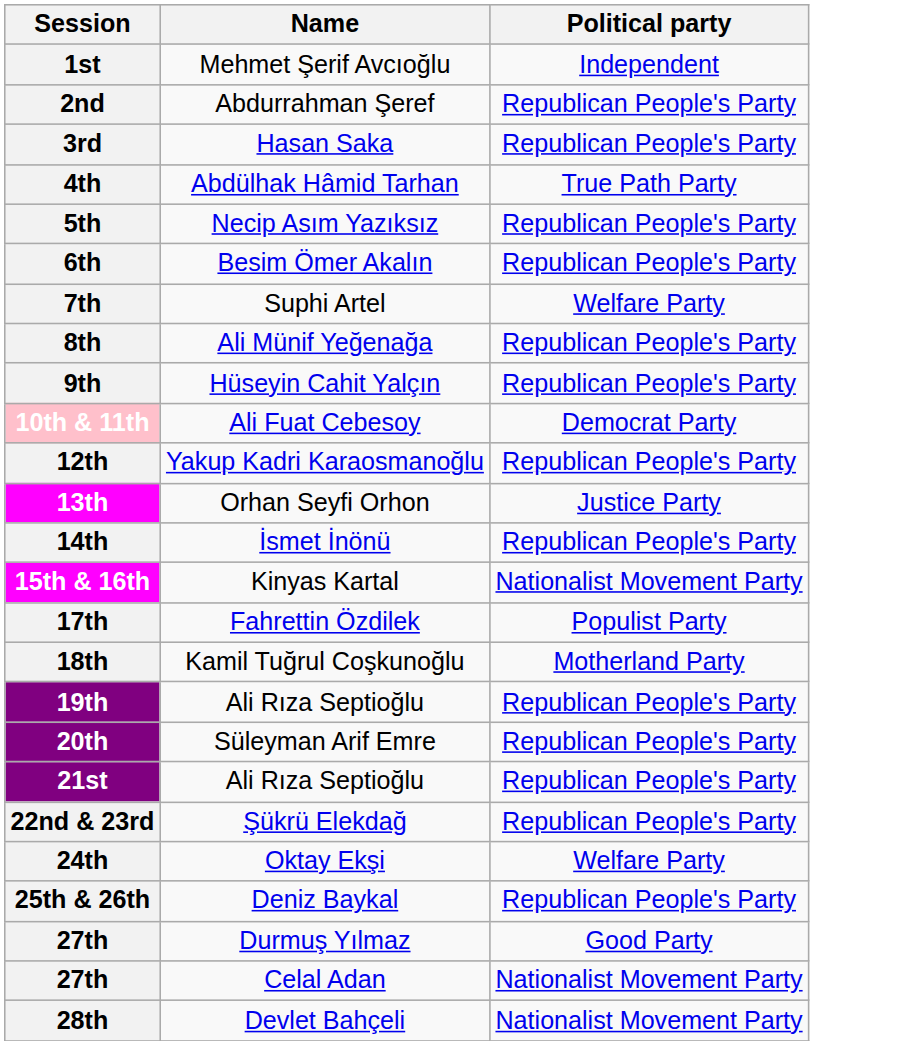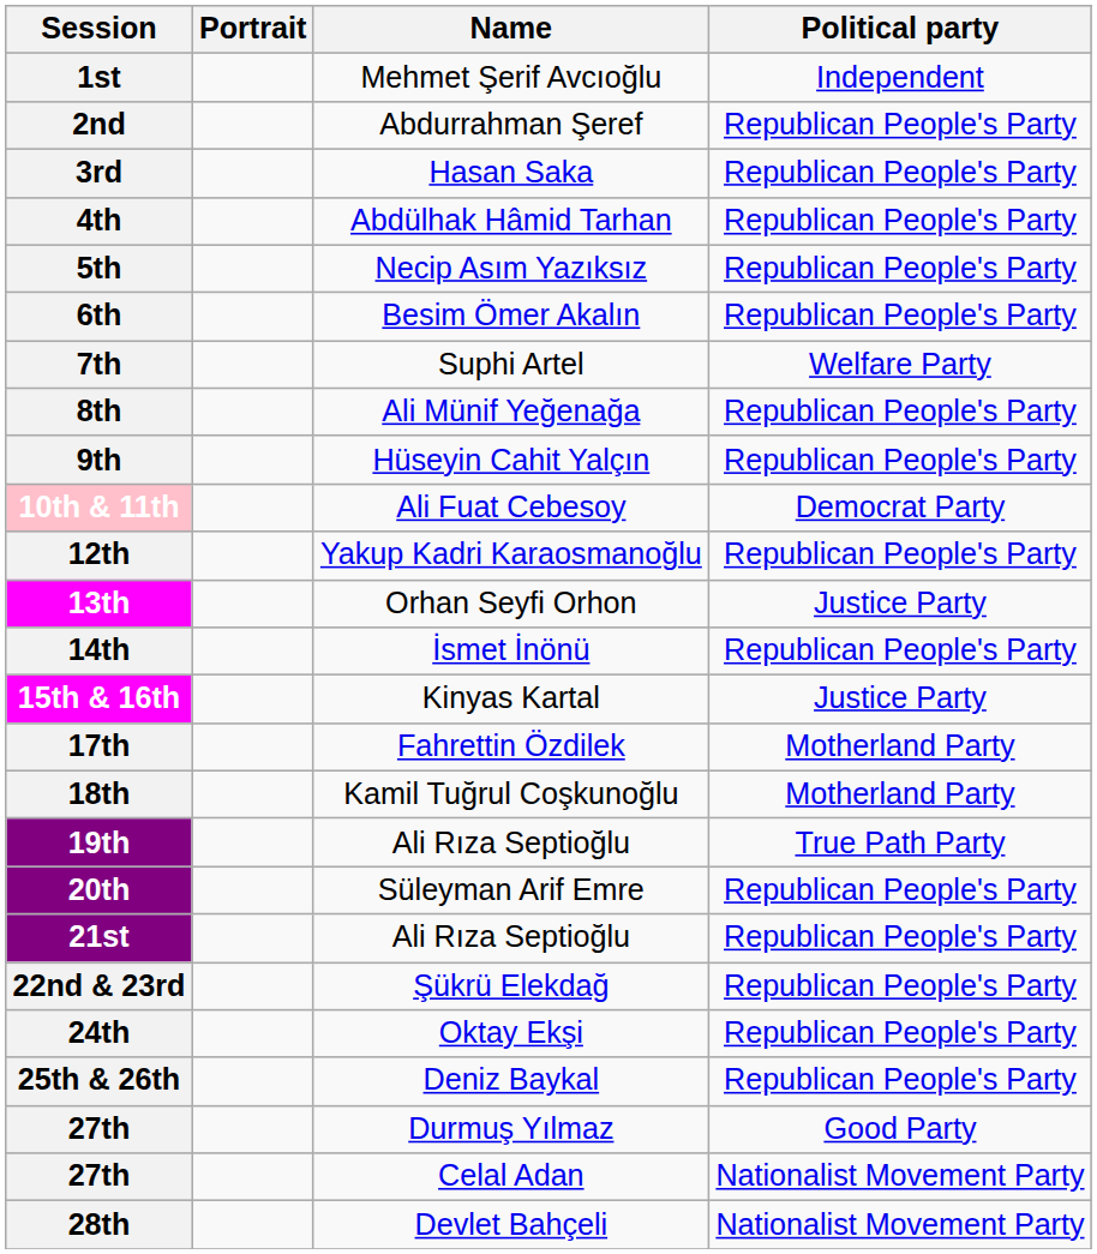 <table class="wikitable" style="text-align:center">
 <tr>
 <th>Session</th>
+<th>Portrait</th>
 <th>Name</th>
 <th>Political party</th>
 </tr>
 <tr>
 <th style="background:">1st</th>
+<td></td>
 <td>Mehmet Şerif Avcıoğlu</td>
 <td><a href='#'>Independent</a></td>
 </tr>
 <tr>
 <th style="background:">2nd</th>
+<td></td>
 <td>Abdurrahman Şeref</td>
 <td><a href='#'>Republican People's Party</a></td>
 </tr>
 <tr>
 <th style="background:">3rd</th>
+<td></td>
 <td><a href='#'>Hasan Saka</a></td>
 <td><a href='#'>Republican People's Party</a></td>
 </tr>
 <tr>
 <th style="background:">4th</th>
+<td></td>
 <td><a href='#'>Abdülhak Hâmid Tarhan</a></td>
-<td><a href='#'>True Path Party</a></td>
+<td><a href='#'>Republican People's Party</a></td>
 </tr>
 <tr>
 <th style="background:">5th</th>
+<td></td>
 <td><a href='#'>Necip Asım Yazıksız</a></td>
 <td><a href='#'>Republican People's Party</a></td>
 </tr>
 <tr>
 <th style="background:">6th</th>
+<td></td>
 <td><a href='#'>Besim Ömer Akalın</a></td>
 <td><a href='#'>Republican People's Party</a></td>
 </tr>
 <tr>
 <th style="background:">7th</th>
+<td></td>
 <td>Suphi Artel</td>
 <td><a href='#'>Welfare Party</a></td>
 </tr>
 <tr>
 <th style="background:">8th</th>
+<td></td>
 <td><a href='#'>Ali Münif Yeğenağa</a></td>
 <td><a href='#'>Republican People's Party</a></td>
 </tr>
 <tr>
 <th style="background:">9th</th>
+<td></td>
 <td><a href='#'>Hüseyin Cahit Yalçın</a></td>
 <td><a href='#'>Republican People's Party</a></td>
 </tr>
 <tr>
 <th style="background:Pink; color:white;">10th & 11th</th>
+<td></td>
 <td><a href='#'>Ali Fuat Cebesoy</a></td>
 <td><a href='#'>Democrat Party</a></td>
 </tr>
 <tr>
 <th style="background:">12th</th>
+<td></td>
 <td><a href='#'>Yakup Kadri Karaosmanoğlu</a></td>
 <td><a href='#'>Republican People's Party</a></td>
 </tr>
 <tr>
 <th style="background:Magenta; color:white;">13th</th>
+<td></td>
 <td>Orhan Seyfi Orhon</td>
 <td><a href='#'>Justice Party</a></td>
 </tr>
 <tr>
 <th style="background:">14th</th>
+<td></td>
 <td><a href='#'>İsmet İnönü</a></td>
 <td><a href='#'>Republican People's Party</a></td>
 </tr>
 <tr>
 <th style="background:Magenta; color:white;">15th & 16th</th>
+<td></td>
 <td>Kinyas Kartal</td>
-<td><a href='#'>Nationalist Movement Party</a></td>
+<td><a href='#'>Justice Party</a></td>
 </tr>
 <tr>
 <th style="background:">17th</th>
+<td></td>
 <td><a href='#'>Fahrettin Özdilek</a></td>
-<td><a href='#'>Populist Party</a></td>
+<td><a href='#'>Motherland Party</a></td>
 </tr>
 <tr>
 <th style="background:">18th</th>
+<td></td>
 <td>Kamil Tuğrul Coşkunoğlu</td>
 <td><a href='#'>Motherland Party</a></td>
 </tr>
 <tr>
 <th style="background:Purple; color:white;">19th</th>
+<td></td>
 <td>Ali Rıza Septioğlu</td>
-<td><a href='#'>Republican People's Party</a></td>
+<td><a href='#'>True Path Party</a></td>
 </tr>
 <tr>
 <th style="background:Purple; color:white;">20th</th>
+<td></td>
 <td>Süleyman Arif Emre</td>
 <td><a href='#'>Republican People's Party</a></td>
 </tr>
 <tr>
 <th style="background:Purple; color:white;">21st</th>
+<td></td>
 <td>Ali Rıza Septioğlu</td>
 <td><a href='#'>Republican People's Party</a></td>
 </tr>
 <tr>
 <th style="background:">22nd & 23rd</th>
+<td></td>
 <td><a href='#'>Şükrü Elekdağ</a></td>
 <td><a href='#'>Republican People's Party</a></td>
 </tr>
 <tr>
 <th style="background:">24th</th>
+<td></td>
 <td><a href='#'>Oktay Ekşi</a></td>
-<td><a href='#'>Welfare Party</a></td>
+<td><a href='#'>Republican People's Party</a></td>
 </tr>
 <tr>
 <th style="background:">25th & 26th</th>
+<td></td>
 <td><a href='#'>Deniz Baykal</a></td>
 <td><a href='#'>Republican People's Party</a></td>
 </tr>
 <tr>
 <th style="background:">27th</th>
+<td></td>
 <td><a href='#'>Durmuş Yılmaz</a></td>
 <td><a href='#'>Good Party</a></td>
 </tr>
 <tr>
 <th style="background:">27th</th>
+<td></td>
 <td><a href='#'>Celal Adan</a></td>
 <td><a href='#'>Nationalist Movement Party</a></td>
 </tr>
 <tr>
 <th style="background:">28th</th>
+<td></td>
 <td><a href='#'>Devlet Bahçeli</a></td>
 <td><a href='#'>Nationalist Movement Party</a></td>
 </tr>
 </table>
